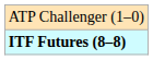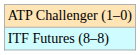 <table class=wikitable style=font-size:97%>
 <tr bgcolor=moccasin>
 <td>ATP Challenger (1–0)</td>
 </tr>
 <tr bgcolor=cffcff>
-<td><strong>ITF Futures (8–8)</strong></td>
+<td>ITF Futures (8–8)</td>
 </tr>
 </table>
